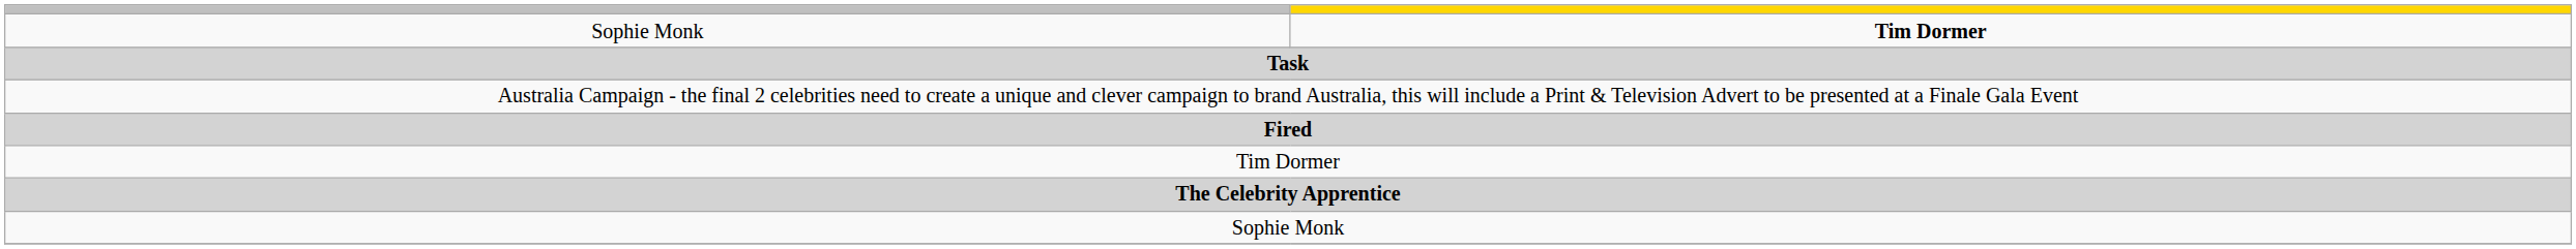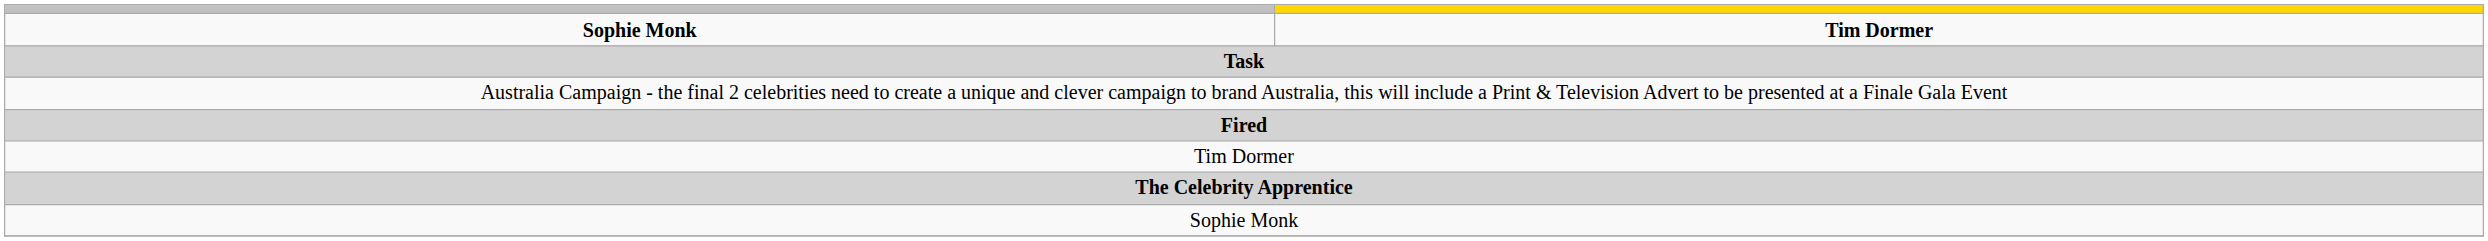 <table class="wikitable" style="text-align: center; width:100%">
 <tr>
 <th style="text-align:center; background:silver;"></th>
 <th style="text-align:center; background:gold;"></th>
 </tr>
 <tr>
-<td>Sophie Monk</td>
+<td><strong>Sophie Monk</strong></td>
 <td><strong>Tim Dormer</strong></td>
 </tr>
 <tr>
 <th colspan="2" style="text-align:center; background:lightgrey;">Task</th>
 </tr>
 <tr>
 <td colspan="2">Australia Campaign - the final 2 celebrities need to create a unique and clever campaign to brand Australia, this will include a Print & Television Advert to be presented at a Finale Gala Event</td>
 </tr>
 <tr>
 <th colspan="2" style="text-align:center; background:lightgrey;">Fired</th>
 </tr>
 <tr>
 <td colspan="2">Tim Dormer</td>
 </tr>
 <tr>
 <th colspan="2" style="text-align:center; background:lightgrey;">The Celebrity Apprentice</th>
 </tr>
 <tr>
 <td colspan="2">Sophie Monk</td>
 </tr>
 <tr>
 </tr>
 </table>
